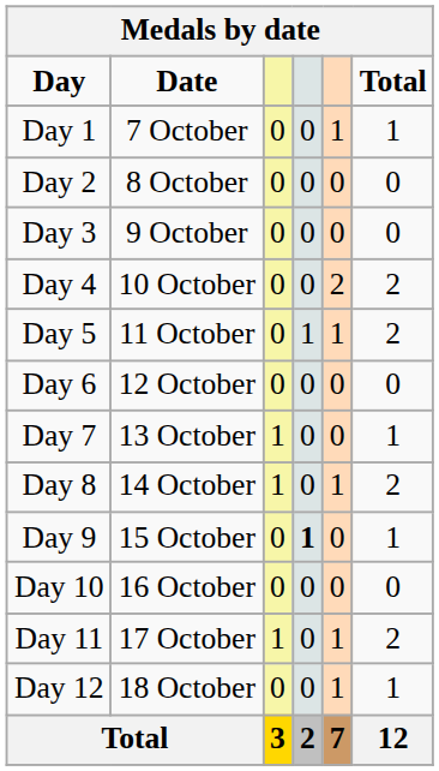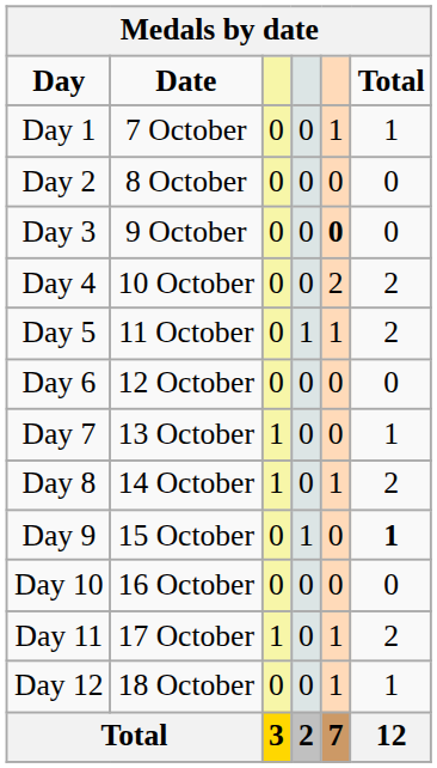 <table class=wikitable style="font-size:85%;float:right;clear:right;">
 <tr bgcolor=efefef>
 <th colspan=6><strong>Medals by date</strong></th>
 </tr>
 <tr align=center>
 <td><strong>Day</strong></td>
 <td><strong>Date</strong></td>
 <td bgcolor=#f7f6a8></td>
 <td bgcolor=#dce5e5></td>
 <td bgcolor=#ffdab9></td>
 <td><strong>Total</strong></td>
 </tr>
 <tr align=center>
 <td>Day 1</td>
 <td>7 October</td>
 <td bgcolor=F7F6A8>0</td>
 <td bgcolor=DCE5E5>0</td>
 <td bgcolor=FFDAB9>1</td>
 <td>1</td>
 </tr>
 <tr align=center>
 <td>Day 2</td>
 <td>8 October</td>
 <td bgcolor=F7F6A8>0</td>
 <td bgcolor=DCE5E5>0</td>
 <td bgcolor=FFDAB9>0</td>
 <td>0</td>
 </tr>
 <tr align=center>
 <td>Day 3</td>
 <td>9 October</td>
 <td bgcolor=F7F6A8>0</td>
 <td bgcolor=DCE5E5>0</td>
-<td bgcolor=FFDAB9>0</td>
+<td bgcolor=FFDAB9><strong>0</strong></td>
 <td>0</td>
 </tr>
 <tr align=center>
 <td>Day 4</td>
 <td>10 October</td>
 <td bgcolor=F7F6A8>0</td>
 <td bgcolor=DCE5E5>0</td>
 <td bgcolor=FFDAB9>2</td>
 <td>2</td>
 </tr>
 <tr align=center>
 <td>Day 5</td>
 <td>11 October</td>
 <td bgcolor=F7F6A8>0</td>
 <td bgcolor=DCE5E5>1</td>
 <td bgcolor=FFDAB9>1</td>
 <td>2</td>
 </tr>
 <tr align=center>
 <td>Day 6</td>
 <td>12 October</td>
 <td bgcolor=F7F6A8>0</td>
 <td bgcolor=DCE5E5>0</td>
 <td bgcolor=FFDAB9>0</td>
 <td>0</td>
 </tr>
 <tr align=center>
 <td>Day 7</td>
 <td>13 October</td>
 <td bgcolor=F7F6A8>1</td>
 <td bgcolor=DCE5E5>0</td>
 <td bgcolor=FFDAB9>0</td>
 <td>1</td>
 </tr>
 <tr align=center>
 <td>Day 8</td>
 <td>14 October</td>
 <td bgcolor=F7F6A8>1</td>
 <td bgcolor=DCE5E5>0</td>
 <td bgcolor=FFDAB9>1</td>
 <td>2</td>
 </tr>
 <tr align=center>
 <td>Day 9</td>
 <td>15 October</td>
 <td bgcolor=F7F6A8>0</td>
-<td bgcolor=DCE5E5><strong>1</strong></td>
+<td bgcolor=DCE5E5>1</td>
 <td bgcolor=FFDAB9>0</td>
-<td>1</td>
+<td><strong>1</strong></td>
 </tr>
 <tr align=center>
 <td>Day 10</td>
 <td>16 October</td>
 <td bgcolor=F7F6A8>0</td>
 <td bgcolor=DCE5E5>0</td>
 <td bgcolor=FFDAB9>0</td>
 <td>0</td>
 </tr>
 <tr align=center>
 <td>Day 11</td>
 <td>17 October</td>
 <td bgcolor=F7F6A8>1</td>
 <td bgcolor=DCE5E5>0</td>
 <td bgcolor=FFDAB9>1</td>
 <td>2</td>
 </tr>
 <tr align=center>
 <td>Day 12</td>
 <td>18 October</td>
 <td bgcolor=F7F6A8>0</td>
 <td bgcolor=DCE5E5>0</td>
 <td bgcolor=FFDAB9>1</td>
 <td>1</td>
 </tr>
 <tr>
 <th colspan=2><strong>Total</strong></th>
 <th style="background:gold"><strong>3</strong></th>
 <th style="background:silver"><strong>2</strong></th>
 <th style="background:#c96"><strong>7</strong></th>
 <th><strong>12</strong></th>
 </tr>
 </table>
